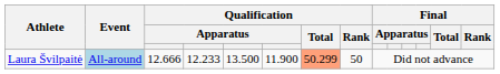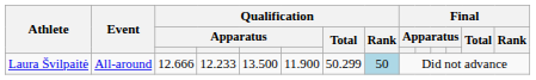 <table class="wikitable" style="font-size:90%">
 <tr>
 <th rowspan=3>Athlete</th>
 <th rowspan=3>Event</th>
 <th colspan =6>Qualification</th>
 <th colspan =6>Final</th>
 </tr>
 <tr style="font-size:95%">
 <th colspan=4>Apparatus</th>
 <th rowspan=2>Total</th>
 <th rowspan=2>Rank</th>
 <th colspan=4>Apparatus</th>
 <th rowspan=2>Total</th>
 <th rowspan=2>Rank</th>
 </tr>
 <tr style="font-size:95%">
 <th></th>
 <th></th>
 <th></th>
 <th></th>
 <th></th>
 <th></th>
 <th></th>
 <th></th>
 </tr>
 <tr align=center>
 <td align=left><a href='#'>Laura Švilpaitė</a></td>
-<td align=left style="background: lightblue;"><a href='#'>All-around</a></td>
+<td align=left><a href='#'>All-around</a></td>
 <td>12.666</td>
 <td>12.233</td>
 <td>13.500</td>
 <td>11.900</td>
-<td style="background: lightsalmon;">50.299</td>
-<td>50</td>
+<td>50.299</td>
+<td style="background: lightblue;">50</td>
 <td colspan=6>Did not advance</td>
 </tr>
 </table>
